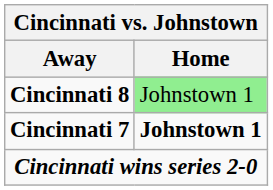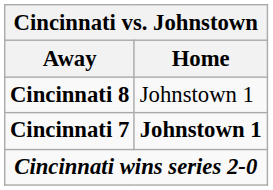 <table class="wikitable">
 <tr>
 <th bgcolor="#DDDDDD" colspan="4">Cincinnati vs. Johnstown</th>
 </tr>
 <tr>
 <th>Away</th>
 <th>Home</th>
 </tr>
 <tr>
 <td align="right"><strong>Cincinnati 8</strong></td>
-<td style="background: lightgreen;">Johnstown 1</td>
+<td>Johnstown 1</td>
 </tr>
 <tr>
 <td align="right"><strong>Cincinnati 7</strong></td>
 <td><strong>Johnstown 1</strong></td>
 </tr>
 <tr align="center">
 <td colspan="4"><strong><em>Cincinnati wins series 2-0</em></strong></td>
 </tr>
 </table>
